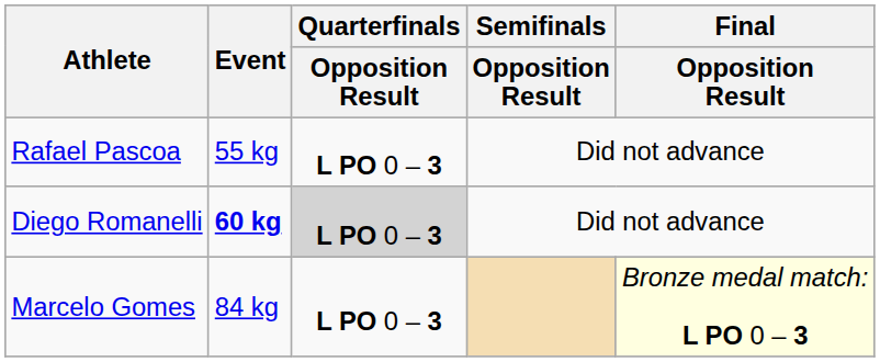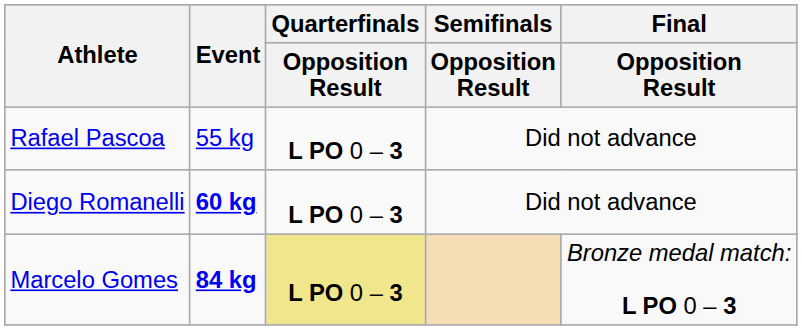 <table class="wikitable" style="font-size:90%">
 <tr>
 <th rowspan=2>Athlete</th>
 <th rowspan=2>Event</th>
 <th>Quarterfinals</th>
 <th>Semifinals</th>
 <th>Final</th>
 </tr>
 <tr>
 <th>Opposition<br>Result</th>
 <th>Opposition<br>Result</th>
 <th>Opposition<br>Result</th>
 </tr>
 <tr>
 <td><a href='#'>Rafael Pascoa</a></td>
 <td><a href='#'>55 kg</a></td>
 <td align=center><br><strong>L PO</strong> 0 – <strong>3</strong></td>
 <td align=center colspan="7">Did not advance</td>
 </tr>
 <tr>
 <td><a href='#'>Diego Romanelli</a></td>
 <td><strong><a href='#'>60 kg</a></strong></td>
-<td align=center style="background: lightgrey;"><br><strong>L PO</strong> 0 – <strong>3</strong></td>
+<td align=center><br><strong>L PO</strong> 0 – <strong>3</strong></td>
 <td align=center colspan="7">Did not advance</td>
 </tr>
 <tr>
 <td><a href='#'>Marcelo Gomes</a></td>
-<td><a href='#'>84 kg</a></td>
-<td align=center><br><strong>L PO</strong> 0 – <strong>3</strong></td>
+<td><strong><a href='#'>84 kg</a></strong></td>
+<td align=center style="background: khaki;"><br><strong>L PO</strong> 0 – <strong>3</strong></td>
 <td bgcolor=wheat></td>
-<td align=center style="background: lightyellow;"><em>Bronze medal match:</em><br><br><strong>L PO</strong> 0 – <strong>3</strong></td>
+<td align=center><em>Bronze medal match:</em><br><br><strong>L PO</strong> 0 – <strong>3</strong></td>
 </tr>
 </table>
